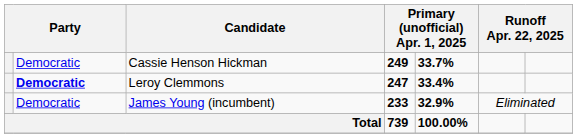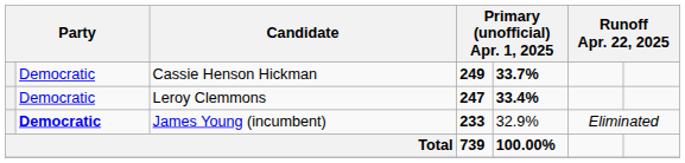 <table class="wikitable defaultright" style=width:45em; style="font-size: 95%;" |>
 <tr>
 <th colspan=2 style=width:8em>Party</th>
 <th style=width:20em>Candidate</th>
 <th colspan=2>Primary<br>(unofficial)<br>Apr. 1, 2025</th>
 <th colspan=2>Runoff<br>Apr. 22, 2025</th>
 </tr>
 <tr>
 <th style="background-color:"></th>
 <td style="text-align:left;"><a href='#'>Democratic</a></td>
 <td style="text-align:left;">Cassie Henson Hickman</td>
 <td><strong>249</strong></td>
 <td><strong>33.7%</strong></td>
 <td></td>
 <td></td>
 </tr>
 <tr>
 <th style="background-color:"></th>
-<td style="text-align:left;"><strong><a href='#'>Democratic</a></strong></td>
+<td style="text-align:left;"><a href='#'>Democratic</a></td>
 <td style="text-align:left;">Leroy Clemmons</td>
 <td><strong>247</strong></td>
 <td><strong>33.4%</strong></td>
 <td></td>
 <td></td>
 </tr>
 <tr>
 <th style="background-color:"></th>
-<td style="text-align:left;"><a href='#'>Democratic</a></td>
+<td style="text-align:left;"><strong><a href='#'>Democratic</a></strong></td>
 <td style="text-align:left;"><a href='#'>James Young</a> (incumbent)</td>
 <td><strong>233</strong></td>
-<td><strong>32.9%</strong></td>
+<td>32.9%</td>
 <td style="text-align:center;" colspan=2><em>Eliminated</em></td>
 </tr>
 <tr>
 <th style="text-align: right;" colspan=3>Total</th>
 <td><strong>739</strong></td>
 <td><strong>100.00%</strong></td>
 <td></td>
 <td></td>
 </tr>
 <tr>
 </tr>
 </table>
